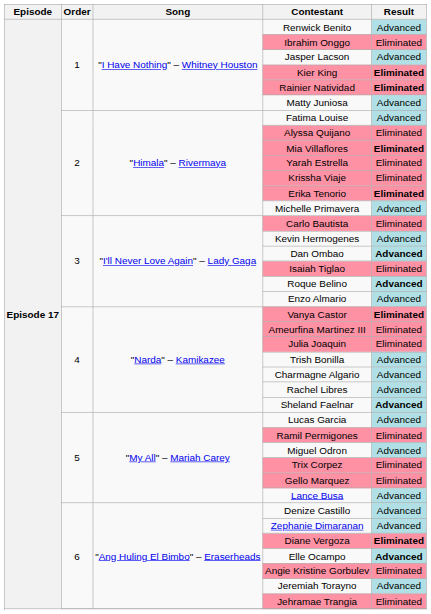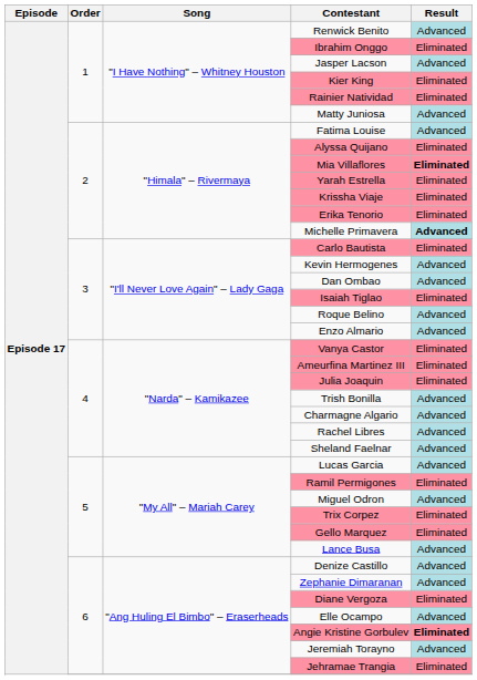 <table class="wikitable" style="text-align:center; line-height:17px; width:auto;">
 <tr>
 <th>Episode</th>
 <th>Order</th>
 <th>Song</th>
 <th>Contestant</th>
 <th>Result</th>
 </tr>
 <tr>
 <th rowspan="40">Episode 17<br><small><em></em></small></th>
 <td rowspan="6">1</td>
 <td rowspan="6">"<a href='#'>I Have Nothing</a>" – <a href='#'>Whitney Houston</a></td>
 <td>Renwick Benito</td>
 <td bgcolor=#B0E0E6>Advanced</td>
 </tr>
 <tr>
 <td bgcolor=#FF91A4>Ibrahim Onggo</td>
 <td bgcolor=#FF91A4>Eliminated</td>
 </tr>
 <tr>
 <td>Jasper Lacson</td>
 <td bgcolor=#B0E0E6>Advanced</td>
 </tr>
 <tr>
 <td bgcolor=#FF91A4>Kier King</td>
-<td bgcolor=#FF91A4><strong>Eliminated</strong></td>
+<td bgcolor=#FF91A4>Eliminated</td>
 </tr>
 <tr>
 <td bgcolor=#FF91A4>Rainier Natividad</td>
-<td bgcolor=#FF91A4><strong>Eliminated</strong></td>
+<td bgcolor=#FF91A4>Eliminated</td>
 </tr>
 <tr>
 <td>Matty Juniosa</td>
 <td bgcolor=#B0E0E6>Advanced</td>
 </tr>
 <tr>
 <td rowspan="7">2</td>
 <td rowspan="7">"<a href='#'>Himala</a>" – <a href='#'>Rivermaya</a></td>
 <td>Fatima Louise</td>
 <td bgcolor=#B0E0E6>Advanced</td>
 </tr>
 <tr>
 <td bgcolor=#FF91A4>Alyssa Quijano</td>
 <td bgcolor=#FF91A4>Eliminated</td>
 </tr>
 <tr>
 <td bgcolor=#FF91A4>Mia Villaflores</td>
 <td bgcolor=#FF91A4><strong>Eliminated</strong></td>
 </tr>
 <tr>
 <td bgcolor=#FF91A4>Yarah Estrella</td>
 <td bgcolor=#FF91A4>Eliminated</td>
 </tr>
 <tr>
 <td bgcolor=#FF91A4>Krissha Viaje</td>
 <td bgcolor=#FF91A4>Eliminated</td>
 </tr>
 <tr>
 <td bgcolor=#FF91A4>Erika Tenorio</td>
-<td bgcolor=#FF91A4><strong>Eliminated</strong></td>
+<td bgcolor=#FF91A4>Eliminated</td>
 </tr>
 <tr>
 <td>Michelle Primavera</td>
-<td bgcolor=#B0E0E6>Advanced</td>
+<td bgcolor=#B0E0E6><strong>Advanced</strong></td>
 </tr>
 <tr>
 <td rowspan="6">3</td>
 <td rowspan="6">"<a href='#'>I'll Never Love Again</a>" – <a href='#'>Lady Gaga</a></td>
 <td bgcolor=#FF91A4>Carlo Bautista</td>
 <td bgcolor=#FF91A4>Eliminated</td>
 </tr>
 <tr>
 <td>Kevin Hermogenes</td>
 <td bgcolor=#B0E0E6>Advanced</td>
 </tr>
 <tr>
 <td>Dan Ombao</td>
-<td bgcolor=#B0E0E6><strong>Advanced</strong></td>
+<td bgcolor=#B0E0E6>Advanced</td>
 </tr>
 <tr>
 <td bgcolor=#FF91A4>Isaiah Tiglao</td>
 <td bgcolor=#FF91A4>Eliminated</td>
 </tr>
 <tr>
 <td>Roque Belino</td>
-<td bgcolor=#B0E0E6><strong>Advanced</strong></td>
+<td bgcolor=#B0E0E6>Advanced</td>
 </tr>
 <tr>
 <td>Enzo Almario</td>
 <td bgcolor=#B0E0E6>Advanced</td>
 </tr>
 <tr>
 <td rowspan="7">4</td>
 <td rowspan="7">"<a href='#'>Narda</a>" – <a href='#'>Kamikazee</a></td>
 <td bgcolor=#FF91A4>Vanya Castor</td>
-<td bgcolor=#FF91A4><strong>Eliminated</strong></td>
+<td bgcolor=#FF91A4>Eliminated</td>
 </tr>
 <tr>
 <td bgcolor=#FF91A4>Ameurfina Martinez III</td>
 <td bgcolor=#FF91A4>Eliminated</td>
 </tr>
 <tr>
 <td bgcolor=#FF91A4>Julia Joaquin</td>
 <td bgcolor=#FF91A4>Eliminated</td>
 </tr>
 <tr>
 <td>Trish Bonilla</td>
 <td bgcolor=#B0E0E6>Advanced</td>
 </tr>
 <tr>
 <td>Charmagne Algario</td>
 <td bgcolor=#B0E0E6>Advanced</td>
 </tr>
 <tr>
 <td>Rachel Libres</td>
 <td bgcolor=#B0E0E6>Advanced</td>
 </tr>
 <tr>
 <td>Sheland Faelnar</td>
-<td bgcolor=#B0E0E6><strong>Advanced</strong></td>
+<td bgcolor=#B0E0E6>Advanced</td>
 </tr>
 <tr>
 <td rowspan="6">5</td>
 <td rowspan="6">"<a href='#'>My All</a>" – <a href='#'>Mariah Carey</a></td>
 <td>Lucas Garcia</td>
 <td bgcolor=#B0E0E6>Advanced</td>
 </tr>
 <tr>
 <td bgcolor=#FF91A4>Ramil Permigones</td>
 <td bgcolor=#FF91A4>Eliminated</td>
 </tr>
 <tr>
 <td>Miguel Odron</td>
 <td bgcolor=#B0E0E6>Advanced</td>
 </tr>
 <tr>
 <td bgcolor=#FF91A4>Trix Corpez</td>
 <td bgcolor=#FF91A4>Eliminated</td>
 </tr>
 <tr>
 <td bgcolor=#FF91A4>Gello Marquez</td>
 <td bgcolor=#FF91A4>Eliminated</td>
 </tr>
 <tr>
 <td><a href='#'>Lance Busa</a></td>
 <td bgcolor=#B0E0E6>Advanced</td>
 </tr>
 <tr>
 <td rowspan="7">6</td>
 <td rowspan="7">"<a href='#'>Ang Huling El Bimbo</a>" – <a href='#'>Eraserheads</a></td>
 <td>Denize Castillo</td>
 <td bgcolor=#B0E0E6>Advanced</td>
 </tr>
 <tr>
 <td><a href='#'>Zephanie Dimaranan</a></td>
 <td bgcolor=#B0E0E6>Advanced</td>
 </tr>
 <tr>
 <td bgcolor=#FF91A4>Diane Vergoza</td>
-<td bgcolor=#FF91A4><strong>Eliminated</strong></td>
+<td bgcolor=#FF91A4>Eliminated</td>
 </tr>
 <tr>
 <td>Elle Ocampo</td>
-<td bgcolor=#B0E0E6><strong>Advanced</strong></td>
+<td bgcolor=#B0E0E6>Advanced</td>
 </tr>
 <tr>
 <td bgcolor=#FF91A4>Angie Kristine Gorbulev</td>
-<td bgcolor=#FF91A4>Eliminated</td>
+<td bgcolor=#FF91A4><strong>Eliminated</strong></td>
 </tr>
 <tr>
 <td>Jeremiah Torayno</td>
 <td bgcolor=#B0E0E6>Advanced</td>
 </tr>
 <tr>
 <td bgcolor=#FF91A4>Jehramae Trangia</td>
 <td bgcolor=#FF91A4>Eliminated</td>
 </tr>
 <tr>
 </tr>
 </table>
